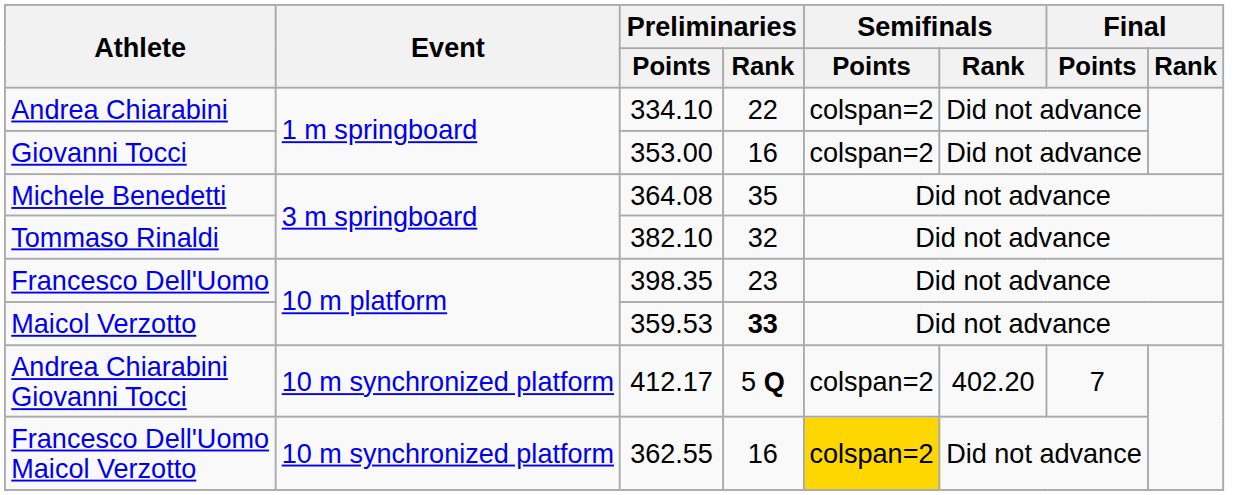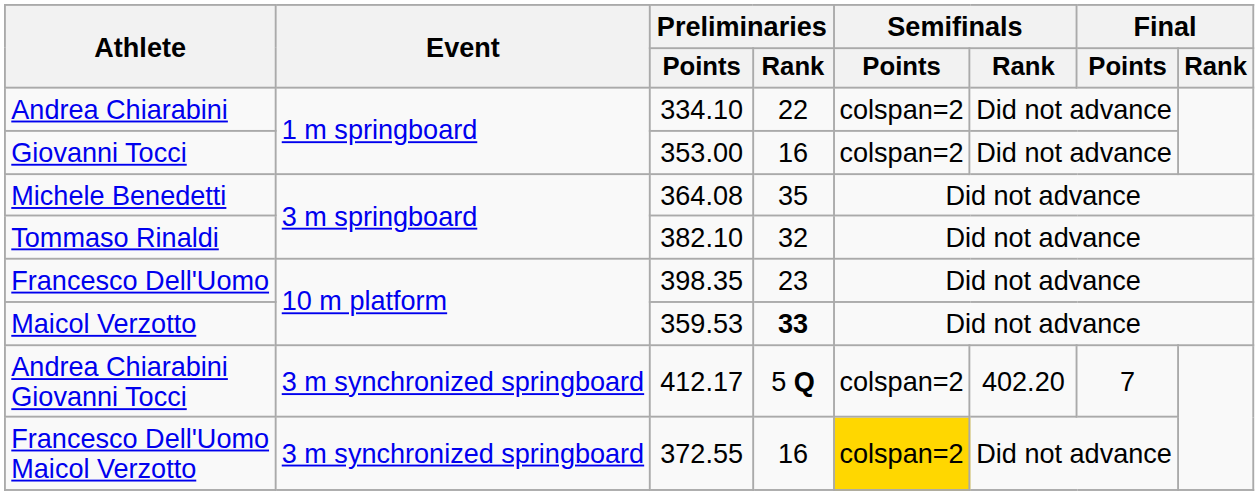 <table class=wikitable style="font-size:90%;">
 <tr>
 <th rowspan="2">Athlete</th>
 <th rowspan="2">Event</th>
 <th colspan="2">Preliminaries</th>
 <th colspan="2">Semifinals</th>
 <th colspan="2">Final</th>
 </tr>
 <tr style="font-size:95%">
 <th>Points</th>
 <th>Rank</th>
 <th>Points</th>
 <th>Rank</th>
 <th>Points</th>
 <th>Rank</th>
 </tr>
 <tr align=center>
 <td align=left><a href='#'>Andrea Chiarabini</a></td>
 <td align=left rowspan=2><a href='#'>1 m springboard</a></td>
 <td>334.10</td>
 <td>22</td>
 <td>colspan=2 </td>
 <td colspan=2>Did not advance</td>
 </tr>
 <tr align=center>
 <td align=left><a href='#'>Giovanni Tocci</a></td>
 <td>353.00</td>
 <td>16</td>
 <td>colspan=2 </td>
 <td colspan=2>Did not advance</td>
 </tr>
 <tr align=center>
 <td align=left><a href='#'>Michele Benedetti</a></td>
 <td align=left rowspan=2><a href='#'>3 m springboard</a></td>
 <td>364.08</td>
 <td>35</td>
 <td colspan=4>Did not advance</td>
 </tr>
 <tr align=center>
 <td align=left><a href='#'>Tommaso Rinaldi</a></td>
 <td>382.10</td>
 <td>32</td>
 <td colspan=4>Did not advance</td>
 </tr>
 <tr align=center>
 <td align=left><a href='#'>Francesco Dell'Uomo</a></td>
 <td align=left rowspan=2><a href='#'>10 m platform</a></td>
 <td>398.35</td>
 <td>23</td>
 <td colspan=4>Did not advance</td>
 </tr>
 <tr align=center>
 <td align=left><a href='#'>Maicol Verzotto</a></td>
 <td>359.53</td>
 <td><strong>33</strong></td>
 <td colspan=4>Did not advance</td>
 </tr>
 <tr align=center>
 <td align=left><a href='#'>Andrea Chiarabini</a><br><a href='#'>Giovanni Tocci</a></td>
-<td align=left><a href='#'>10 m synchronized platform</a></td>
+<td align=left><a href='#'>3 m synchronized springboard</a></td>
 <td>412.17</td>
 <td>5 <strong>Q</strong></td>
 <td>colspan=2 </td>
 <td>402.20</td>
 <td>7</td>
 </tr>
 <tr align=center>
 <td align=left><a href='#'>Francesco Dell'Uomo</a><br><a href='#'>Maicol Verzotto</a></td>
-<td align=left><a href='#'>10 m synchronized platform</a></td>
-<td>362.55</td>
+<td align=left><a href='#'>3 m synchronized springboard</a></td>
+<td>372.55</td>
 <td>16</td>
 <td style="background: gold;">colspan=2 </td>
 <td colspan=2>Did not advance</td>
 </tr>
 </table>
